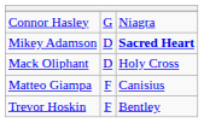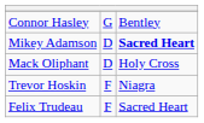 <table class="wikitable">
 <tr>
 <th colspan=3;><a href='#'><strong></strong></a></th>
 </tr>
 <tr>
 </tr>
 <tr>
 <td><a href='#'>Connor Hasley</a></td>
 <td style="text-align:center;"><a href='#'>G</a></td>
-<td><a href='#'>Niagra</a></td>
+<td><a href='#'>Bentley</a></td>
 </tr>
 <tr>
 <td><a href='#'>Mikey Adamson</a></td>
 <td style="text-align:center;"><a href='#'>D</a></td>
 <td><strong><a href='#'>Sacred Heart</a></strong></td>
 </tr>
 <tr>
 <td><a href='#'>Mack Oliphant</a></td>
 <td style="text-align:center;"><a href='#'>D</a></td>
 <td><a href='#'>Holy Cross</a></td>
 </tr>
 <tr>
-<td><a href='#'>Matteo Giampa</a></td>
+<td><a href='#'>Trevor Hoskin</a></td>
 <td style="text-align:center;"><a href='#'>F</a></td>
-<td><a href='#'>Canisius</a></td>
+<td><a href='#'>Niagra</a></td>
 </tr>
 <tr>
-<td><a href='#'>Trevor Hoskin</a></td>
+<td><a href='#'>Felix Trudeau</a></td>
 <td style="text-align:center;"><a href='#'>F</a></td>
-<td><a href='#'>Bentley</a></td>
+<td><a href='#'>Sacred Heart</a></td>
 </tr>
 </table>
